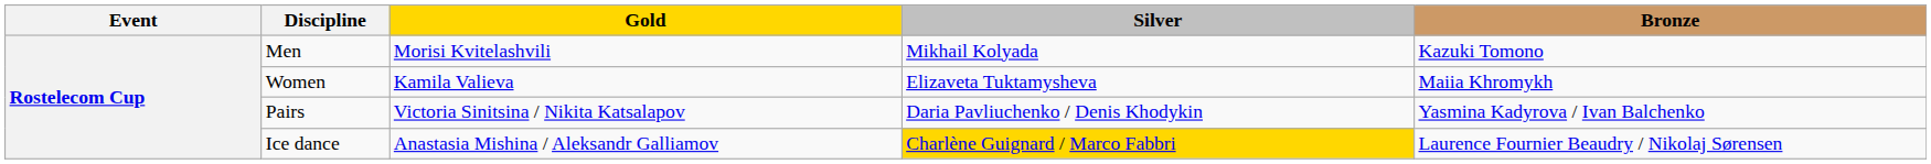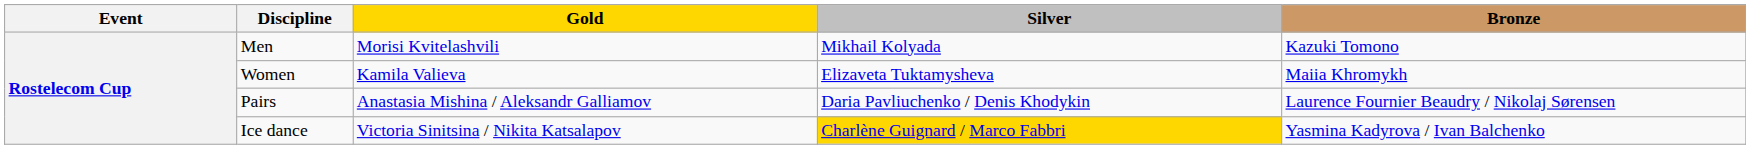 <table class="wikitable unsortable" style="text-align:left; width:100%;">
 <tr>
 <th scope="col" style="width:10%">Event</th>
 <th scope="col" style="width:5%">Discipline</th>
 <td scope="col" style="text-align:center; width:20%; background:gold"><strong>Gold</strong></td>
 <td scope="col" style="text-align:center; width:20%; background:silver"><strong>Silver</strong></td>
 <td scope="col" style="text-align:center; width:20%; background:#c96"><strong>Bronze</strong></td>
 </tr>
 <tr>
 <th scope="row" style="text-align:left" rowspan="4"> <a href='#'>Rostelecom Cup</a></th>
 <td>Men</td>
 <td> <a href='#'>Morisi Kvitelashvili</a></td>
 <td> <a href='#'>Mikhail Kolyada</a></td>
 <td> <a href='#'>Kazuki Tomono</a></td>
 </tr>
 <tr>
 <td>Women</td>
 <td> <a href='#'>Kamila Valieva</a></td>
 <td> <a href='#'>Elizaveta Tuktamysheva</a></td>
 <td> <a href='#'>Maiia Khromykh</a></td>
 </tr>
 <tr>
 <td>Pairs</td>
-<td> <a href='#'>Victoria Sinitsina</a> / <a href='#'>Nikita Katsalapov</a></td>
+<td> <a href='#'>Anastasia Mishina</a> / <a href='#'>Aleksandr Galliamov</a></td>
 <td> <a href='#'>Daria Pavliuchenko</a> / <a href='#'>Denis Khodykin</a></td>
-<td> <a href='#'>Yasmina Kadyrova</a> / <a href='#'>Ivan Balchenko</a></td>
+<td> <a href='#'>Laurence Fournier Beaudry</a> / <a href='#'>Nikolaj Sørensen</a></td>
 </tr>
 <tr>
 <td>Ice dance</td>
-<td> <a href='#'>Anastasia Mishina</a> / <a href='#'>Aleksandr Galliamov</a></td>
+<td> <a href='#'>Victoria Sinitsina</a> / <a href='#'>Nikita Katsalapov</a></td>
 <td style="background: gold;"> <a href='#'>Charlène Guignard</a> / <a href='#'>Marco Fabbri</a></td>
-<td> <a href='#'>Laurence Fournier Beaudry</a> / <a href='#'>Nikolaj Sørensen</a></td>
+<td> <a href='#'>Yasmina Kadyrova</a> / <a href='#'>Ivan Balchenko</a></td>
 </tr>
 </table>
